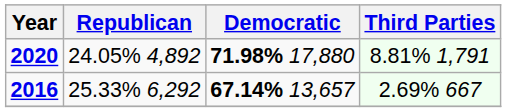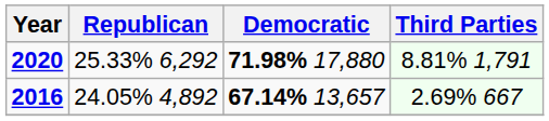 <table class="wikitable" style="float:right; font-size:95%;">
 <tr bgcolor=lightgrey>
 <th>Year</th>
 <th><a href='#'>Republican</a></th>
 <th><a href='#'>Democratic</a></th>
 <th><a href='#'>Third Parties</a></th>
 </tr>
 <tr>
 <td style="text-align:center; "><strong><a href='#'>2020</a></strong></td>
-<td style="text-align:center; ">24.05% <em>4,892</em></td>
+<td style="text-align:center; ">25.33% <em>6,292</em></td>
 <td style="text-align:center; "><strong>71.98%</strong> <em>17,880</em></td>
 <td style="text-align:center; background:honeyDew;">8.81% <em>1,791</em></td>
 </tr>
 <tr>
 <td style="text-align:center; "><strong><a href='#'>2016</a></strong></td>
-<td style="text-align:center; ">25.33% <em>6,292</em></td>
+<td style="text-align:center; ">24.05% <em>4,892</em></td>
 <td style="text-align:center; "><strong>67.14%</strong> <em>13,657</em></td>
 <td style="text-align:center; background:honeyDew;">2.69% <em>667</em></td>
 </tr>
 <tr>
 </tr>
 </table>
